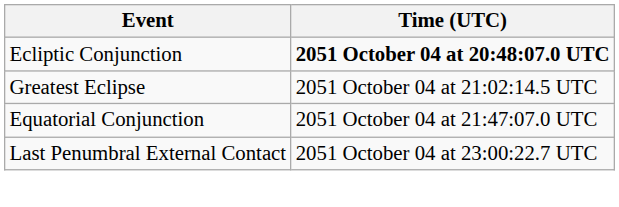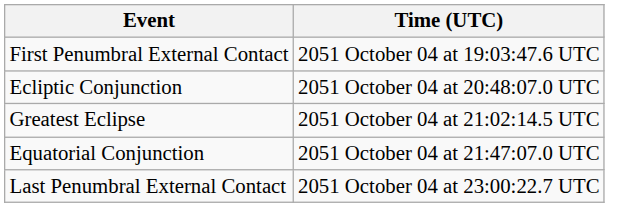 <table class="wikitable">
 <tr>
 <th>Event</th>
 <th>Time (UTC)</th>
 </tr>
 <tr>
+<td>First Penumbral External Contact</td>
+<td>2051 October 04 at 19:03:47.6 UTC</td>
+</tr>
+<tr>
 <td>Ecliptic Conjunction</td>
-<td><strong>2051 October 04 at 20:48:07.0 UTC</strong></td>
+<td>2051 October 04 at 20:48:07.0 UTC</td>
 </tr>
 <tr>
 <td>Greatest Eclipse</td>
 <td>2051 October 04 at 21:02:14.5 UTC</td>
 </tr>
 <tr>
 <td>Equatorial Conjunction</td>
 <td>2051 October 04 at 21:47:07.0 UTC</td>
 </tr>
 <tr>
 <td>Last Penumbral External Contact</td>
 <td>2051 October 04 at 23:00:22.7 UTC</td>
 </tr>
 </table>
